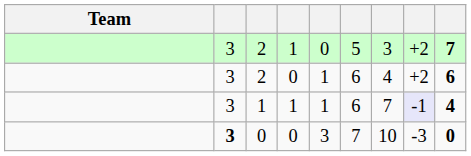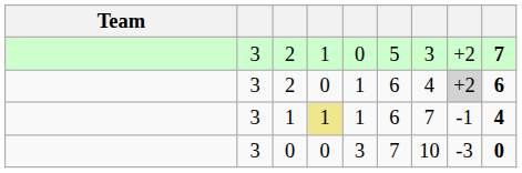 <table class="wikitable" style="text-align: center;">
 <tr>
 <th width="175">Team</th>
 <th width="20"></th>
 <th width="20"></th>
 <th width="20"></th>
 <th width="20"></th>
 <th width="20"></th>
 <th width="20"></th>
 <th width="20"></th>
 <th width="20"></th>
 </tr>
 <tr bgcolor=ccffcc>
 <td align=left></td>
 <td>3</td>
 <td>2</td>
 <td>1</td>
 <td>0</td>
 <td>5</td>
 <td>3</td>
 <td>+2</td>
 <td><strong>7</strong></td>
 </tr>
 <tr>
 <td align=left></td>
 <td>3</td>
 <td>2</td>
 <td>0</td>
 <td>1</td>
 <td>6</td>
 <td>4</td>
-<td>+2</td>
+<td style="background: lightgrey;">+2</td>
 <td><strong>6</strong></td>
 </tr>
 <tr>
 <td align=left></td>
 <td>3</td>
 <td>1</td>
-<td>1</td>
+<td style="background: khaki;">1</td>
 <td>1</td>
 <td>6</td>
 <td>7</td>
-<td style="background: lavender;">-1</td>
+<td>-1</td>
 <td><strong>4</strong></td>
 </tr>
 <tr>
 <td align=left></td>
-<td><strong>3</strong></td>
+<td>3</td>
 <td>0</td>
 <td>0</td>
 <td>3</td>
 <td>7</td>
 <td>10</td>
 <td>-3</td>
 <td><strong>0</strong></td>
 </tr>
 </table>
